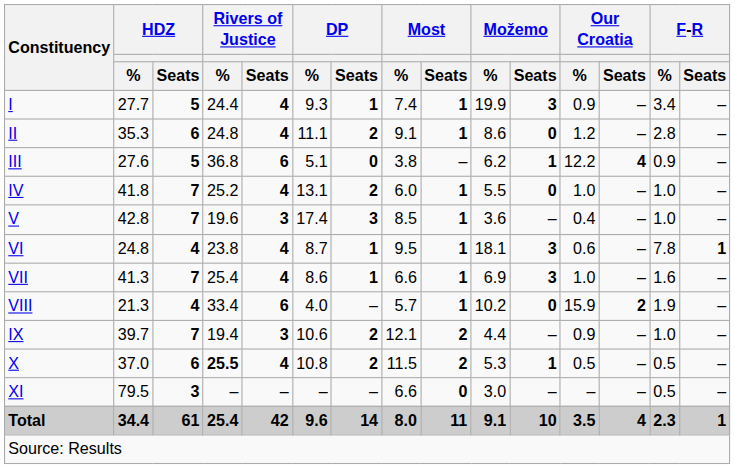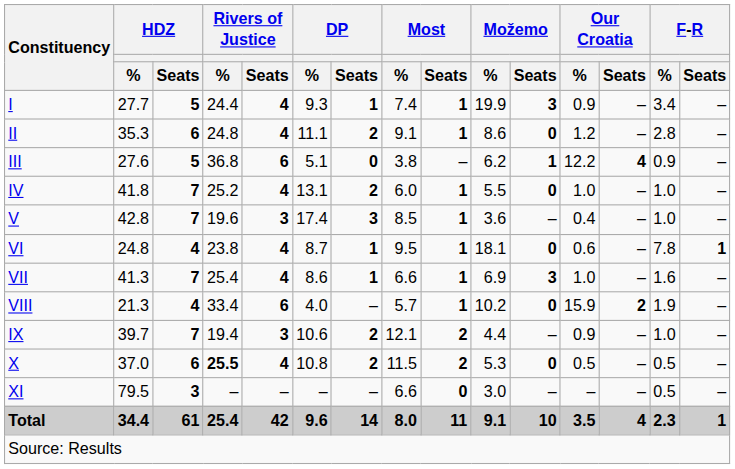 <table class="wikitable sortable" style="text-align:right; font-size:95%; line-height:20px">
 <tr>
 <th rowspan="3">Constituency</th>
 <th colspan="2" width="30px" class="unsortable"><a href='#'>HDZ</a></th>
 <th colspan="2" width="30px" class="unsortable"><a href='#'>Rivers of Justice</a></th>
 <th colspan="2" width="30px" class="unsortable"><a href='#'>DP</a></th>
 <th colspan="2" width="30px" class="unsortable"><a href='#'>Most</a></th>
 <th colspan="2" width="30px" class="unsortable"><a href='#'>Možemo</a></th>
 <th colspan="2" width="30px" class="unsortable"><a href='#'>Our Croatia</a></th>
 <th colspan="2" width="30px" class="unsortable"><a href='#'>F</a>-<a href='#'>R</a></th>
 </tr>
 <tr>
 <th colspan="2" style="background:"></th>
 <th colspan="2" style="background:"></th>
 <th colspan="2" style="background:"></th>
 <th colspan="2" style="background:"></th>
 <th colspan="2" style="background:"></th>
 <th colspan="2" style="background:"></th>
 <th colspan="2" style="background:"></th>
 </tr>
 <tr>
 <th data-sort-type="number">%</th>
 <th data-sort-type="number">Seats</th>
 <th data-sort-type="number">%</th>
 <th data-sort-type="number">Seats</th>
 <th data-sort-type="number">%</th>
 <th data-sort-type="number">Seats</th>
 <th data-sort-type="number">%</th>
 <th data-sort-type="number">Seats</th>
 <th data-sort-type="number">%</th>
 <th data-sort-type="number">Seats</th>
 <th data-sort-type="number">%</th>
 <th data-sort-type="number">Seats</th>
 <th data-sort-type="number">%</th>
 <th data-sort-type="number">Seats</th>
 </tr>
 <tr>
 <td align="left"><a href='#'>I</a></td>
 <td style="background:">27.7</td>
 <td><strong>5</strong></td>
 <td>24.4</td>
 <td><strong>4</strong></td>
 <td>9.3</td>
 <td><strong>1</strong></td>
 <td>7.4</td>
 <td><strong>1</strong></td>
 <td>19.9</td>
 <td><strong>3</strong></td>
 <td>0.9</td>
 <td>–</td>
 <td>3.4</td>
 <td>–</td>
 </tr>
 <tr>
 <td align="left"><a href='#'>II</a></td>
 <td style="background:">35.3</td>
 <td><strong>6</strong></td>
 <td>24.8</td>
 <td><strong>4</strong></td>
 <td>11.1</td>
 <td><strong>2</strong></td>
 <td>9.1</td>
 <td><strong>1</strong></td>
 <td>8.6</td>
 <td><strong>0</strong></td>
 <td>1.2</td>
 <td>–</td>
 <td>2.8</td>
 <td>–</td>
 </tr>
 <tr>
 <td align="left"><a href='#'>III</a></td>
 <td>27.6</td>
 <td><strong>5</strong></td>
 <td style="background:">36.8</td>
 <td><strong>6</strong></td>
 <td>5.1</td>
 <td><strong>0</strong></td>
 <td>3.8</td>
 <td>–</td>
 <td>6.2</td>
 <td><strong>1</strong></td>
 <td>12.2</td>
 <td><strong>4</strong></td>
 <td>0.9</td>
 <td>–</td>
 </tr>
 <tr>
 <td align="left"><a href='#'>IV</a></td>
 <td style="background:">41.8</td>
 <td><strong>7</strong></td>
 <td>25.2</td>
 <td><strong>4</strong></td>
 <td>13.1</td>
 <td><strong>2</strong></td>
 <td>6.0</td>
 <td><strong>1</strong></td>
 <td>5.5</td>
 <td><strong>0</strong></td>
 <td>1.0</td>
 <td>–</td>
 <td>1.0</td>
 <td>–</td>
 </tr>
 <tr>
 <td align="left"><a href='#'>V</a></td>
 <td style="background:">42.8</td>
 <td><strong>7</strong></td>
 <td>19.6</td>
 <td><strong>3</strong></td>
 <td>17.4</td>
 <td><strong>3</strong></td>
 <td>8.5</td>
 <td><strong>1</strong></td>
 <td>3.6</td>
 <td>–</td>
 <td>0.4</td>
 <td>–</td>
 <td>1.0</td>
 <td>–</td>
 </tr>
 <tr>
 <td align="left"><a href='#'>VI</a></td>
 <td style="background:">24.8</td>
 <td><strong>4</strong></td>
 <td>23.8</td>
 <td><strong>4</strong></td>
 <td>8.7</td>
 <td><strong>1</strong></td>
 <td>9.5</td>
 <td><strong>1</strong></td>
 <td>18.1</td>
-<td><strong>3</strong></td>
+<td><strong>0</strong></td>
 <td>0.6</td>
 <td>–</td>
 <td>7.8</td>
 <td><strong>1</strong></td>
 </tr>
 <tr>
 <td align="left"><a href='#'>VII</a></td>
 <td style="background:">41.3</td>
 <td><strong>7</strong></td>
 <td>25.4</td>
 <td><strong>4</strong></td>
 <td>8.6</td>
 <td><strong>1</strong></td>
 <td>6.6</td>
 <td><strong>1</strong></td>
 <td>6.9</td>
 <td><strong>3</strong></td>
 <td>1.0</td>
 <td>–</td>
 <td>1.6</td>
 <td>–</td>
 </tr>
 <tr>
 <td align="left"><a href='#'>VIII</a></td>
 <td>21.3</td>
 <td><strong>4</strong></td>
 <td style="background:">33.4</td>
 <td><strong>6</strong></td>
 <td>4.0</td>
 <td>–</td>
 <td>5.7</td>
 <td><strong>1</strong></td>
 <td>10.2</td>
 <td><strong>0</strong></td>
 <td>15.9</td>
 <td><strong>2</strong></td>
 <td>1.9</td>
 <td>–</td>
 </tr>
 <tr>
 <td align="left"><a href='#'>IX</a></td>
 <td style="background:">39.7</td>
 <td><strong>7</strong></td>
 <td>19.4</td>
 <td><strong>3</strong></td>
 <td>10.6</td>
 <td><strong>2</strong></td>
 <td>12.1</td>
 <td><strong>2</strong></td>
 <td>4.4</td>
 <td>–</td>
 <td>0.9</td>
 <td>–</td>
 <td>1.0</td>
 <td>–</td>
 </tr>
 <tr>
 <td align="left"><a href='#'>X</a></td>
 <td style="background:">37.0</td>
 <td><strong>6</strong></td>
 <td><strong>25.5</strong></td>
 <td><strong>4</strong></td>
 <td>10.8</td>
 <td><strong>2</strong></td>
 <td>11.5</td>
 <td><strong>2</strong></td>
 <td>5.3</td>
-<td><strong>1</strong></td>
+<td><strong>0</strong></td>
 <td>0.5</td>
 <td>–</td>
 <td>0.5</td>
 <td>–</td>
 </tr>
 <tr>
 <td align="left"><a href='#'>XI</a></td>
 <td style="background:">79.5</td>
 <td><strong>3</strong></td>
 <td>–</td>
 <td>–</td>
 <td>–</td>
 <td>–</td>
 <td>6.6</td>
 <td><strong>0</strong></td>
 <td>3.0</td>
 <td>–</td>
 <td>–</td>
 <td>–</td>
 <td>0.5</td>
 <td>–</td>
 </tr>
 <tr style="background:#CDCDCD">
 <td align="left"><strong>Total</strong></td>
 <td><strong>34.4</strong></td>
 <td><strong>61</strong></td>
 <td><strong>25.4</strong></td>
 <td><strong>42</strong></td>
 <td><strong>9.6</strong></td>
 <td><strong>14</strong></td>
 <td><strong>8.0</strong></td>
 <td><strong>11</strong></td>
 <td><strong>9.1</strong></td>
 <td><strong>10</strong></td>
 <td><strong>3.5</strong></td>
 <td><strong>4</strong></td>
 <td><strong>2.3</strong></td>
 <td><strong>1</strong></td>
 </tr>
 <tr>
 <th colspan="16" style="text-align:left; font-weight:normal; background:#F9F9F9">Source: Results</th>
 </tr>
 </table>
